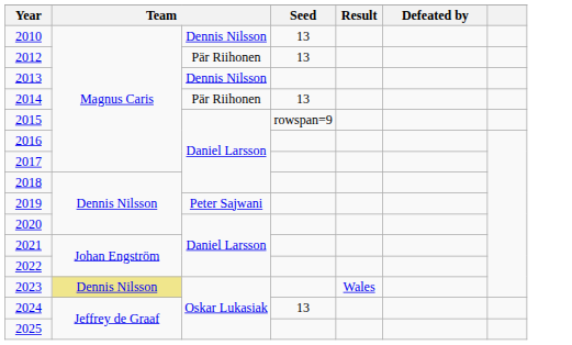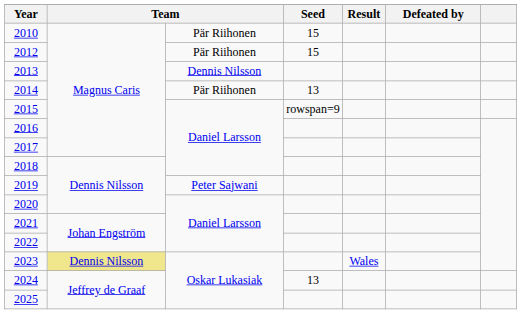 <table class="wikitable" style="text-align: center;">
 <tr style= "background: #e2e2e2;">
 </tr>
 <tr style="background: #efefef;">
 <th width=50px>Year</th>
 <th colspan="2">Team</th>
 <th width=50px>Seed</th>
 <th width=50px>Result</th>
 <th width=120px>Defeated by</th>
 <th width=40px></th>
 </tr>
 <tr>
 <td><a href='#'>2010</a></td>
 <td rowspan=7 width=150px><a href='#'>Magnus Caris</a></td>
-<td><a href='#'>Dennis Nilsson</a></td>
-<td>13</td>
+<td width=150px>Pär Riihonen</td>
+<td>15</td>
 <td></td>
 <td> </td>
 <td></td>
 </tr>
 <tr>
 <td><a href='#'>2012</a></td>
 <td>Pär Riihonen</td>
-<td>13</td>
+<td>15</td>
 <td></td>
 <td> </td>
 <td></td>
 </tr>
 <tr>
 <td><a href='#'>2013</a></td>
 <td><a href='#'>Dennis Nilsson</a></td>
 <td></td>
 <td></td>
 <td> <br></td>
 <td></td>
 </tr>
 <tr>
 <td><a href='#'>2014</a></td>
 <td>Pär Riihonen</td>
 <td>13</td>
 <td></td>
 <td> </td>
 <td></td>
 </tr>
 <tr>
 <td><a href='#'>2015</a></td>
 <td rowspan=4><a href='#'>Daniel Larsson</a></td>
 <td>rowspan=9 </td>
 <td></td>
 <td></td>
 <td></td>
 </tr>
 <tr>
 <td><a href='#'>2016</a></td>
 <td></td>
 <td> </td>
 <td></td>
 </tr>
 <tr>
 <td><a href='#'>2017</a></td>
 <td></td>
 <td> </td>
 <td></td>
 </tr>
 <tr>
 <td><a href='#'>2018</a></td>
 <td rowspan=3><a href='#'>Dennis Nilsson</a></td>
 <td></td>
 <td> </td>
 <td></td>
 </tr>
 <tr>
 <td><a href='#'>2019</a></td>
 <td><a href='#'>Peter Sajwani</a></td>
 <td></td>
 <td> </td>
 <td></td>
 </tr>
 <tr>
 <td><a href='#'>2020</a></td>
 <td rowspan=3><a href='#'>Daniel Larsson</a></td>
 <td></td>
 <td> </td>
 <td></td>
 </tr>
 <tr>
 <td><a href='#'>2021</a></td>
 <td rowspan=2><a href='#'>Johan Engström</a></td>
 <td></td>
 <td> </td>
 <td></td>
 </tr>
 <tr>
 <td><a href='#'>2022</a></td>
 <td></td>
 <td> </td>
 <td></td>
 </tr>
 <tr>
 <td><a href='#'>2023</a></td>
 <td style="background: khaki;"><a href='#'>Dennis Nilsson</a></td>
 <td rowspan=3><a href='#'>Oskar Lukasiak</a></td>
 <td></td>
 <td> <a href='#'>Wales</a></td>
 <td></td>
 </tr>
 <tr>
 <td><a href='#'>2024</a></td>
 <td rowspan=2><a href='#'>Jeffrey de Graaf</a></td>
 <td>13</td>
 <td></td>
 <td> </td>
 <td></td>
 </tr>
 <tr>
 <td><a href='#'>2025</a></td>
 <td></td>
 <td></td>
 <td></td>
 <td></td>
 </tr>
 </table>
